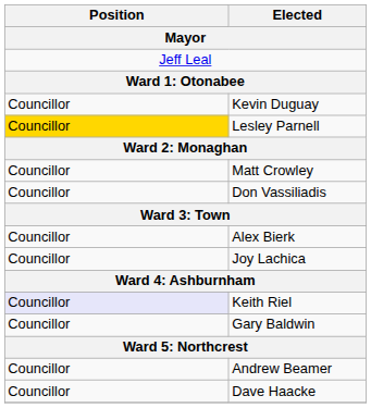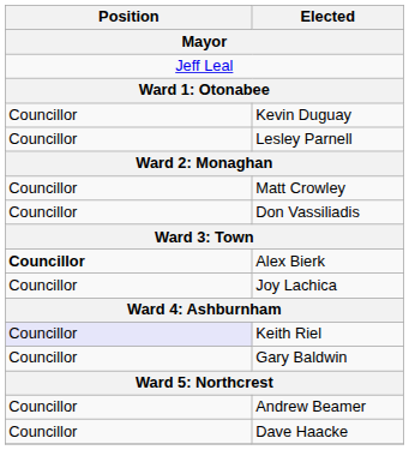 <table class="wikitable">
 <tr>
 <th bgcolor="#DDDDFF" width="250px">Position</th>
 <th bgcolor="#DDDDFF" width="150px">Elected</th>
 </tr>
 <tr>
 <th colspan="3">Mayor</th>
 </tr>
 <tr>
 <td colspan="3" align="center"><a href='#'>Jeff Leal</a></td>
 </tr>
 <tr>
 <th colspan="3">Ward 1: Otonabee</th>
 </tr>
 <tr>
 <td>Councillor</td>
 <td>Kevin Duguay</td>
 </tr>
 <tr>
-<td style="background: gold;">Councillor</td>
+<td>Councillor</td>
 <td>Lesley Parnell</td>
 </tr>
 <tr>
 <th colspan="3">Ward 2: Monaghan</th>
 </tr>
 <tr>
 <td>Councillor</td>
 <td>Matt Crowley</td>
 </tr>
 <tr>
 <td>Councillor</td>
 <td>Don Vassiliadis</td>
 </tr>
 <tr>
 <th colspan="3">Ward 3: Town</th>
 </tr>
 <tr>
-<td>Councillor</td>
+<td><strong>Councillor</strong></td>
 <td>Alex Bierk</td>
 </tr>
 <tr>
 <td>Councillor</td>
 <td>Joy Lachica</td>
 </tr>
 <tr>
 <th colspan="3">Ward 4: Ashburnham</th>
 </tr>
 <tr>
 <td style="background: lavender;">Councillor</td>
 <td>Keith Riel</td>
 </tr>
 <tr>
 <td>Councillor</td>
 <td>Gary Baldwin</td>
 </tr>
 <tr>
 <th colspan="3">Ward 5: Northcrest</th>
 </tr>
 <tr>
 <td>Councillor</td>
 <td>Andrew Beamer</td>
 </tr>
 <tr>
 <td>Councillor</td>
 <td>Dave Haacke</td>
 </tr>
 <tr>
 </tr>
 </table>
